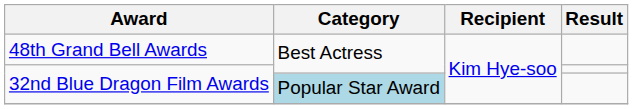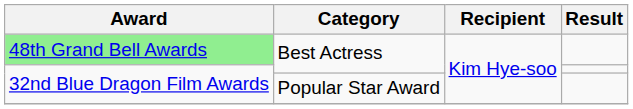 <table class="wikitable">
 <tr>
 <th>Award</th>
 <th>Category</th>
 <th>Recipient</th>
 <th>Result</th>
 </tr>
 <tr>
-<td><a href='#'>48th Grand Bell Awards</a></td>
+<td style="background: lightgreen;"><a href='#'>48th Grand Bell Awards</a></td>
 <td rowspan=2>Best Actress</td>
 <td rowspan=3><a href='#'>Kim Hye-soo</a></td>
 <td></td>
 </tr>
 <tr>
 <td rowspan=2><a href='#'>32nd Blue Dragon Film Awards</a></td>
 <td></td>
 </tr>
 <tr>
-<td style="background: lightblue;">Popular Star Award</td>
+<td>Popular Star Award</td>
 <td></td>
 </tr>
 <tr>
 </tr>
 </table>
